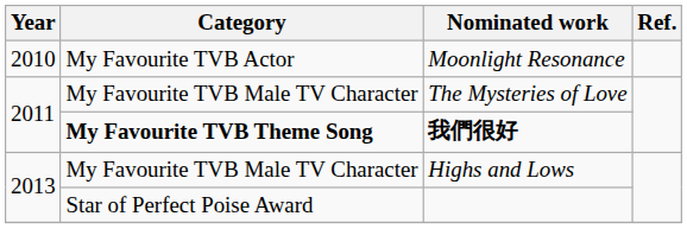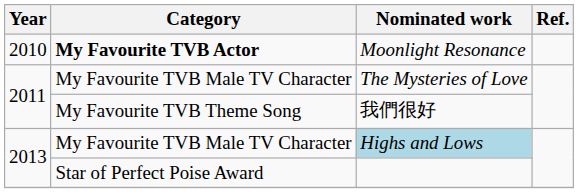 <table class="wikitable">
 <tr>
 <th>Year</th>
 <th>Category</th>
 <th>Nominated work</th>
 <th>Ref.</th>
 </tr>
 <tr>
 <td rowspan=2>2010</td>
-<td>My Favourite TVB Actor</td>
+<td><strong>My Favourite TVB Actor</strong></td>
 <td rowspan=2><em>Moonlight Resonance</em></td>
 <td rowspan=2></td>
 </tr>
 <tr>
 <td rowspan=2>My Favourite TVB Male TV Character</td>
 </tr>
 <tr>
 <td rowspan=2>2011</td>
 <td><em>The Mysteries of Love</em></td>
 <td rowspan=2></td>
 </tr>
 <tr>
-<td><strong>My Favourite TVB Theme Song</strong></td>
-<td><strong>我們很好</strong></td>
+<td>My Favourite TVB Theme Song</td>
+<td>我們很好</td>
 </tr>
 <tr>
 <td rowspan=2>2013</td>
 <td>My Favourite TVB Male TV Character</td>
-<td><em>Highs and Lows</em></td>
+<td style="background: lightblue;"><em>Highs and Lows</em></td>
 <td rowspan=2></td>
 </tr>
 <tr>
 <td>Star of Perfect Poise Award</td>
 <td></td>
 </tr>
 <tr>
 </tr>
 </table>
